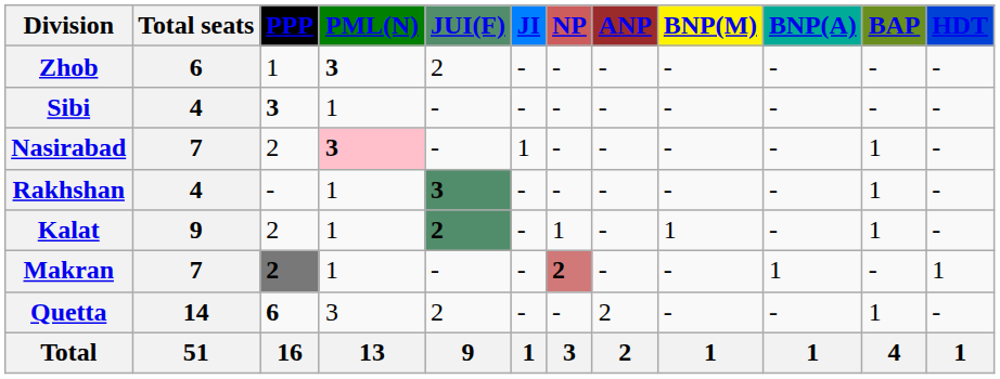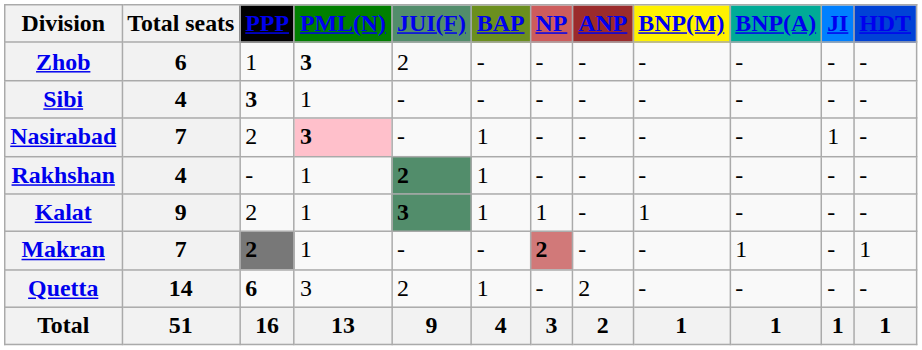 <table class="wikitable">
 <tr>
 <th>Division</th>
 <th>Total seats</th>
 <th style="background:#000000;" !><a href='#'><span>PPP</span></a></th>
 <th style="background:#008000;" !><a href='#'><span>PML(N)</span></a></th>
 <th style="background:#528d6b;" !><a href='#'><span>JUI(F)</span></a></th>
-<th style="background:#0080ff;" !><a href='#'><span>JI</span></a></th>
+<th style="background:#6b8f1e;" !><a href='#'><span>BAP</span></a></th>
 <th style="background:#cd5c5c;" !><a href='#'><span>NP</span></a></th>
 <th style="background:#9b2b2b;" !><a href='#'><span>ANP</span></a></th>
 <th style="background:#fff200;" !><a href='#'><span>BNP(M)</span></a></th>
 <th style="background:#00ab97;" !><a href='#'><span>BNP(A)</span></a></th>
-<th style="background:#6b8f1e;" !><a href='#'><span>BAP</span></a></th>
+<th style="background:#0080ff;" !><a href='#'><span>JI</span></a></th>
 <th style="background:#0042d6;" !><a href='#'><span>HDT</span></a></th>
 </tr>
 <tr>
 <th><a href='#'>Zhob</a></th>
 <th>6</th>
 <td>1</td>
 <td><span><strong>3</strong></span></td>
 <td>2</td>
 <td>-</td>
 <td>-</td>
 <td>-</td>
 <td>-</td>
 <td>-</td>
 <td>-</td>
 <td>-</td>
 </tr>
 <tr>
 <th><a href='#'>Sibi</a></th>
 <th>4</th>
 <td><span><strong>3</strong></span></td>
 <td>1</td>
 <td>-</td>
 <td>-</td>
 <td>-</td>
 <td>-</td>
 <td>-</td>
 <td>-</td>
 <td>-</td>
 <td>-</td>
 </tr>
 <tr>
 <th><a href='#'>Nasirabad</a></th>
 <th>7</th>
 <td>2</td>
 <td style="background: pink;"><span><strong>3</strong></span></td>
 <td>-</td>
 <td>1</td>
 <td>-</td>
 <td>-</td>
 <td>-</td>
 <td>-</td>
 <td>1</td>
 <td>-</td>
 </tr>
 <tr>
 <th><a href='#'>Rakhshan</a></th>
 <th>4</th>
 <td>-</td>
 <td>1</td>
-<td bgcolor="#528d6b"><span><strong>3</strong></span></td>
+<td bgcolor="#528d6b"><span><strong>2</strong></span></td>
+<td>1</td>
 <td>-</td>
 <td>-</td>
 <td>-</td>
 <td>-</td>
 <td>-</td>
-<td>1</td>
 <td>-</td>
 </tr>
 <tr>
 <th><a href='#'>Kalat</a></th>
 <th>9</th>
 <td>2</td>
 <td>1</td>
-<td bgcolor="#528d6b"><span><strong>2</strong></span></td>
-<td>-</td>
+<td bgcolor="#528d6b"><span><strong>3</strong></span></td>
+<td>1</td>
 <td>1</td>
 <td>-</td>
 <td>1</td>
 <td>-</td>
-<td>1</td>
+<td>-</td>
 <td>-</td>
 </tr>
 <tr>
 <th><a href='#'>Makran</a></th>
 <th>7</th>
 <td bgcolor="#787878"><span><strong>2</strong></span></td>
 <td>1</td>
 <td>-</td>
 <td>-</td>
 <td bgcolor="#d17979"><span><strong>2</strong></span></td>
 <td>-</td>
 <td>-</td>
 <td>1</td>
 <td>-</td>
 <td>1</td>
 </tr>
 <tr>
 <th><a href='#'>Quetta</a></th>
 <th>14</th>
 <td><span><strong>6</strong></span></td>
 <td>3</td>
 <td>2</td>
-<td>-</td>
+<td>1</td>
 <td>-</td>
 <td>2</td>
 <td>-</td>
 <td>-</td>
-<td>1</td>
+<td>-</td>
 <td>-</td>
 </tr>
 <tr>
 <th>Total</th>
 <th>51</th>
 <th>16</th>
 <th>13</th>
 <th>9</th>
-<th>1</th>
+<th>4</th>
 <th>3</th>
 <th>2</th>
 <th>1</th>
 <th>1</th>
-<th>4</th>
+<th>1</th>
 <th>1</th>
 </tr>
 </table>
